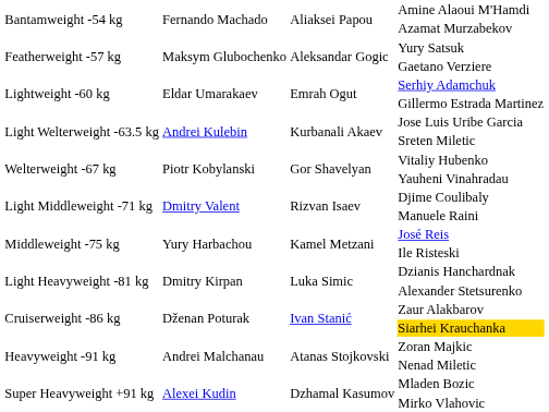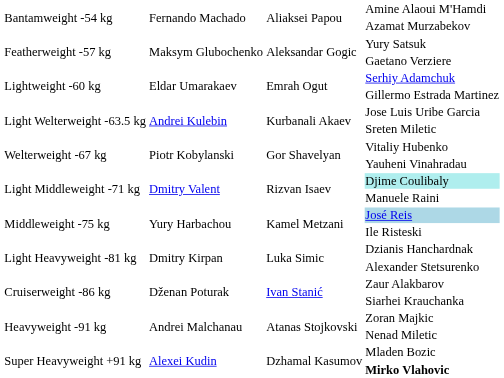 <table>
 <tr>
 <td rowspan=2>Bantamweight -54 kg<br></td>
 <td rowspan=2>Fernando Machado </td>
 <td rowspan=2>Aliaksei Papou </td>
 <td>Amine Alaoui M'Hamdi </td>
 </tr>
 <tr>
 <td>Azamat Murzabekov </td>
 </tr>
 <tr>
 <td rowspan=2>Featherweight -57 kg<br></td>
 <td rowspan=2>Maksym Glubochenko </td>
 <td rowspan=2>Aleksandar Gogic </td>
 <td>Yury Satsuk </td>
 </tr>
 <tr>
 <td>Gaetano Verziere </td>
 </tr>
 <tr>
 <td rowspan=2>Lightweight -60 kg<br></td>
 <td rowspan=2>Eldar Umarakaev </td>
 <td rowspan=2>Emrah Ogut </td>
 <td><a href='#'>Serhiy Adamchuk</a> </td>
 </tr>
 <tr>
 <td>Gillermo Estrada Martinez </td>
 </tr>
 <tr>
 <td rowspan=2>Light Welterweight -63.5 kg<br></td>
 <td rowspan=2><a href='#'>Andrei Kulebin</a> </td>
 <td rowspan=2>Kurbanali Akaev </td>
 <td>Jose Luis Uribe Garcia </td>
 </tr>
 <tr>
 <td>Sreten Miletic </td>
 </tr>
 <tr>
 <td rowspan=2>Welterweight -67 kg<br></td>
 <td rowspan=2>Piotr Kobylanski </td>
 <td rowspan=2>Gor Shavelyan </td>
 <td>Vitaliy Hubenko </td>
 </tr>
 <tr>
 <td>Yauheni Vinahradau </td>
 </tr>
 <tr>
 <td rowspan=2>Light Middleweight -71 kg<br></td>
 <td rowspan=2><a href='#'>Dmitry Valent</a> </td>
 <td rowspan=2>Rizvan Isaev </td>
-<td>Djime Coulibaly </td>
+<td style="background: paleturquoise;">Djime Coulibaly </td>
 </tr>
 <tr>
 <td>Manuele Raini </td>
 </tr>
 <tr>
 <td rowspan=2>Middleweight -75 kg<br></td>
 <td rowspan=2>Yury Harbachou </td>
 <td rowspan=2>Kamel Metzani </td>
-<td><a href='#'>José Reis</a> </td>
+<td style="background: lightblue;"><a href='#'>José Reis</a> </td>
 </tr>
 <tr>
 <td>Ile Risteski </td>
 </tr>
 <tr>
 <td rowspan=2>Light Heavyweight -81 kg<br></td>
 <td rowspan=2>Dmitry Kirpan </td>
 <td rowspan=2>Luka Simic </td>
 <td>Dzianis Hanchardnak </td>
 </tr>
 <tr>
 <td>Alexander Stetsurenko </td>
 </tr>
 <tr>
 <td rowspan=2>Cruiserweight -86 kg<br></td>
 <td rowspan=2>Dženan Poturak </td>
 <td rowspan=2><a href='#'>Ivan Stanić</a> </td>
 <td>Zaur Alakbarov </td>
 </tr>
 <tr>
-<td style="background: gold;">Siarhei Krauchanka </td>
+<td>Siarhei Krauchanka </td>
 </tr>
 <tr>
 <td rowspan=2>Heavyweight -91 kg<br></td>
 <td rowspan=2>Andrei Malchanau </td>
 <td rowspan=2>Atanas Stojkovski </td>
 <td>Zoran Majkic </td>
 </tr>
 <tr>
 <td>Nenad Miletic </td>
 </tr>
 <tr>
 <td rowspan=2>Super Heavyweight +91 kg<br></td>
 <td rowspan=2><a href='#'>Alexei Kudin</a> </td>
 <td rowspan=2>Dzhamal Kasumov </td>
 <td>Mladen Bozic </td>
 </tr>
 <tr>
-<td>Mirko Vlahovic </td>
+<td><strong>Mirko Vlahovic </strong></td>
 </tr>
 <tr>
 </tr>
 </table>
